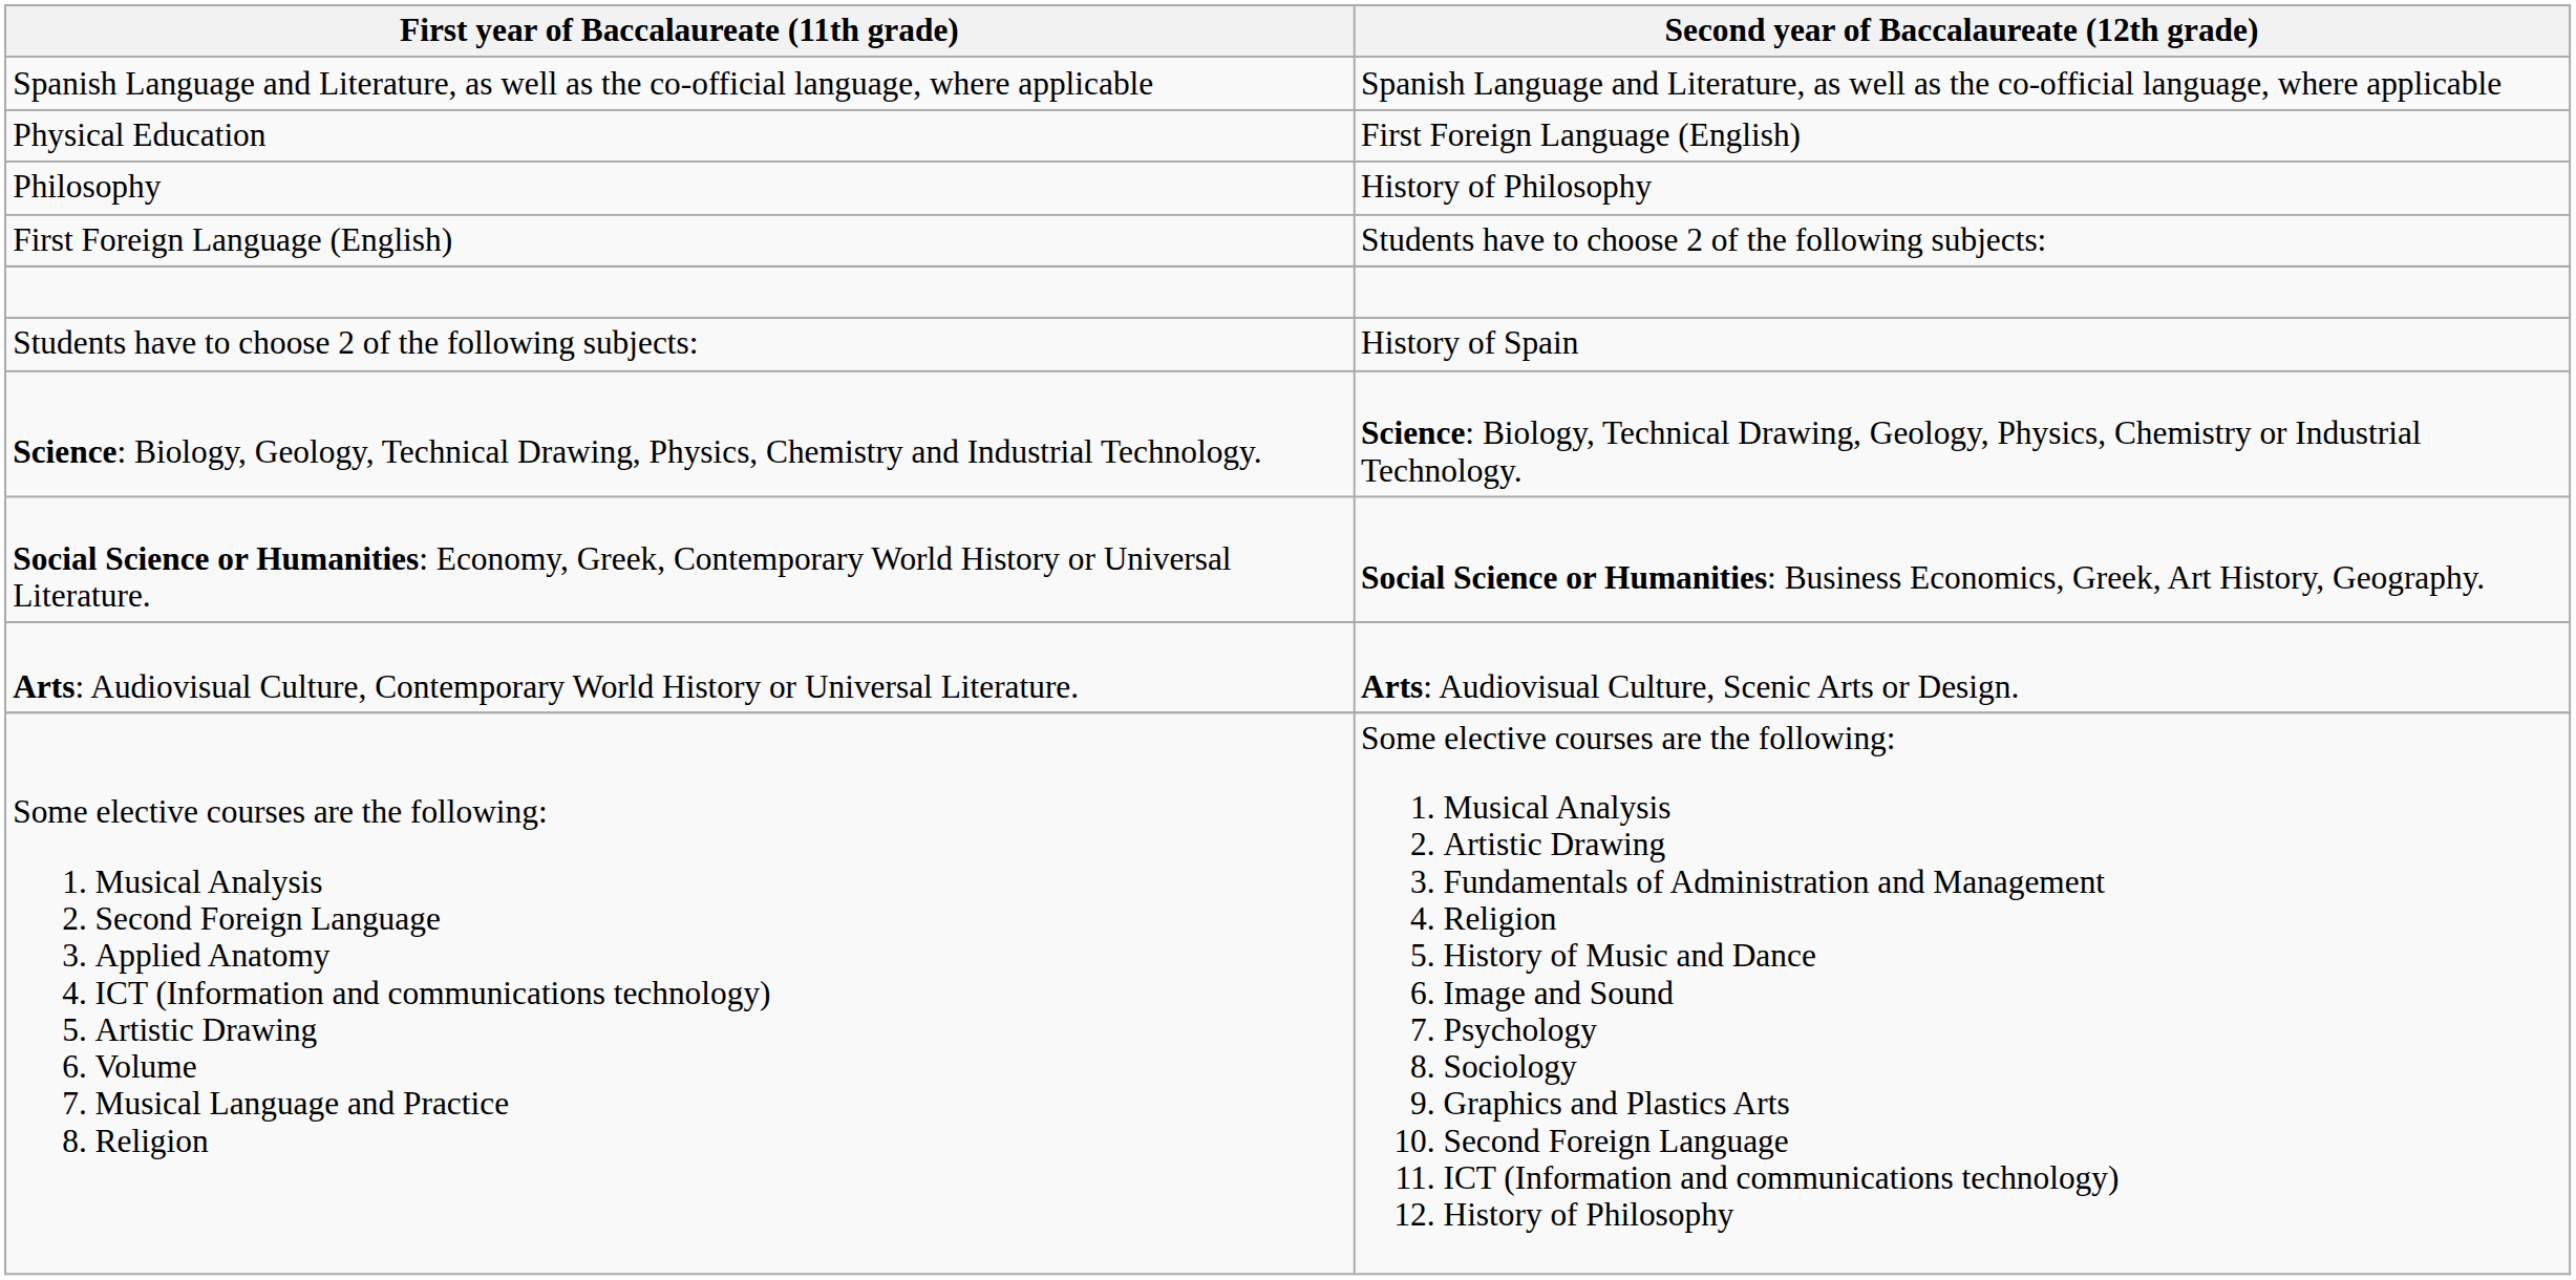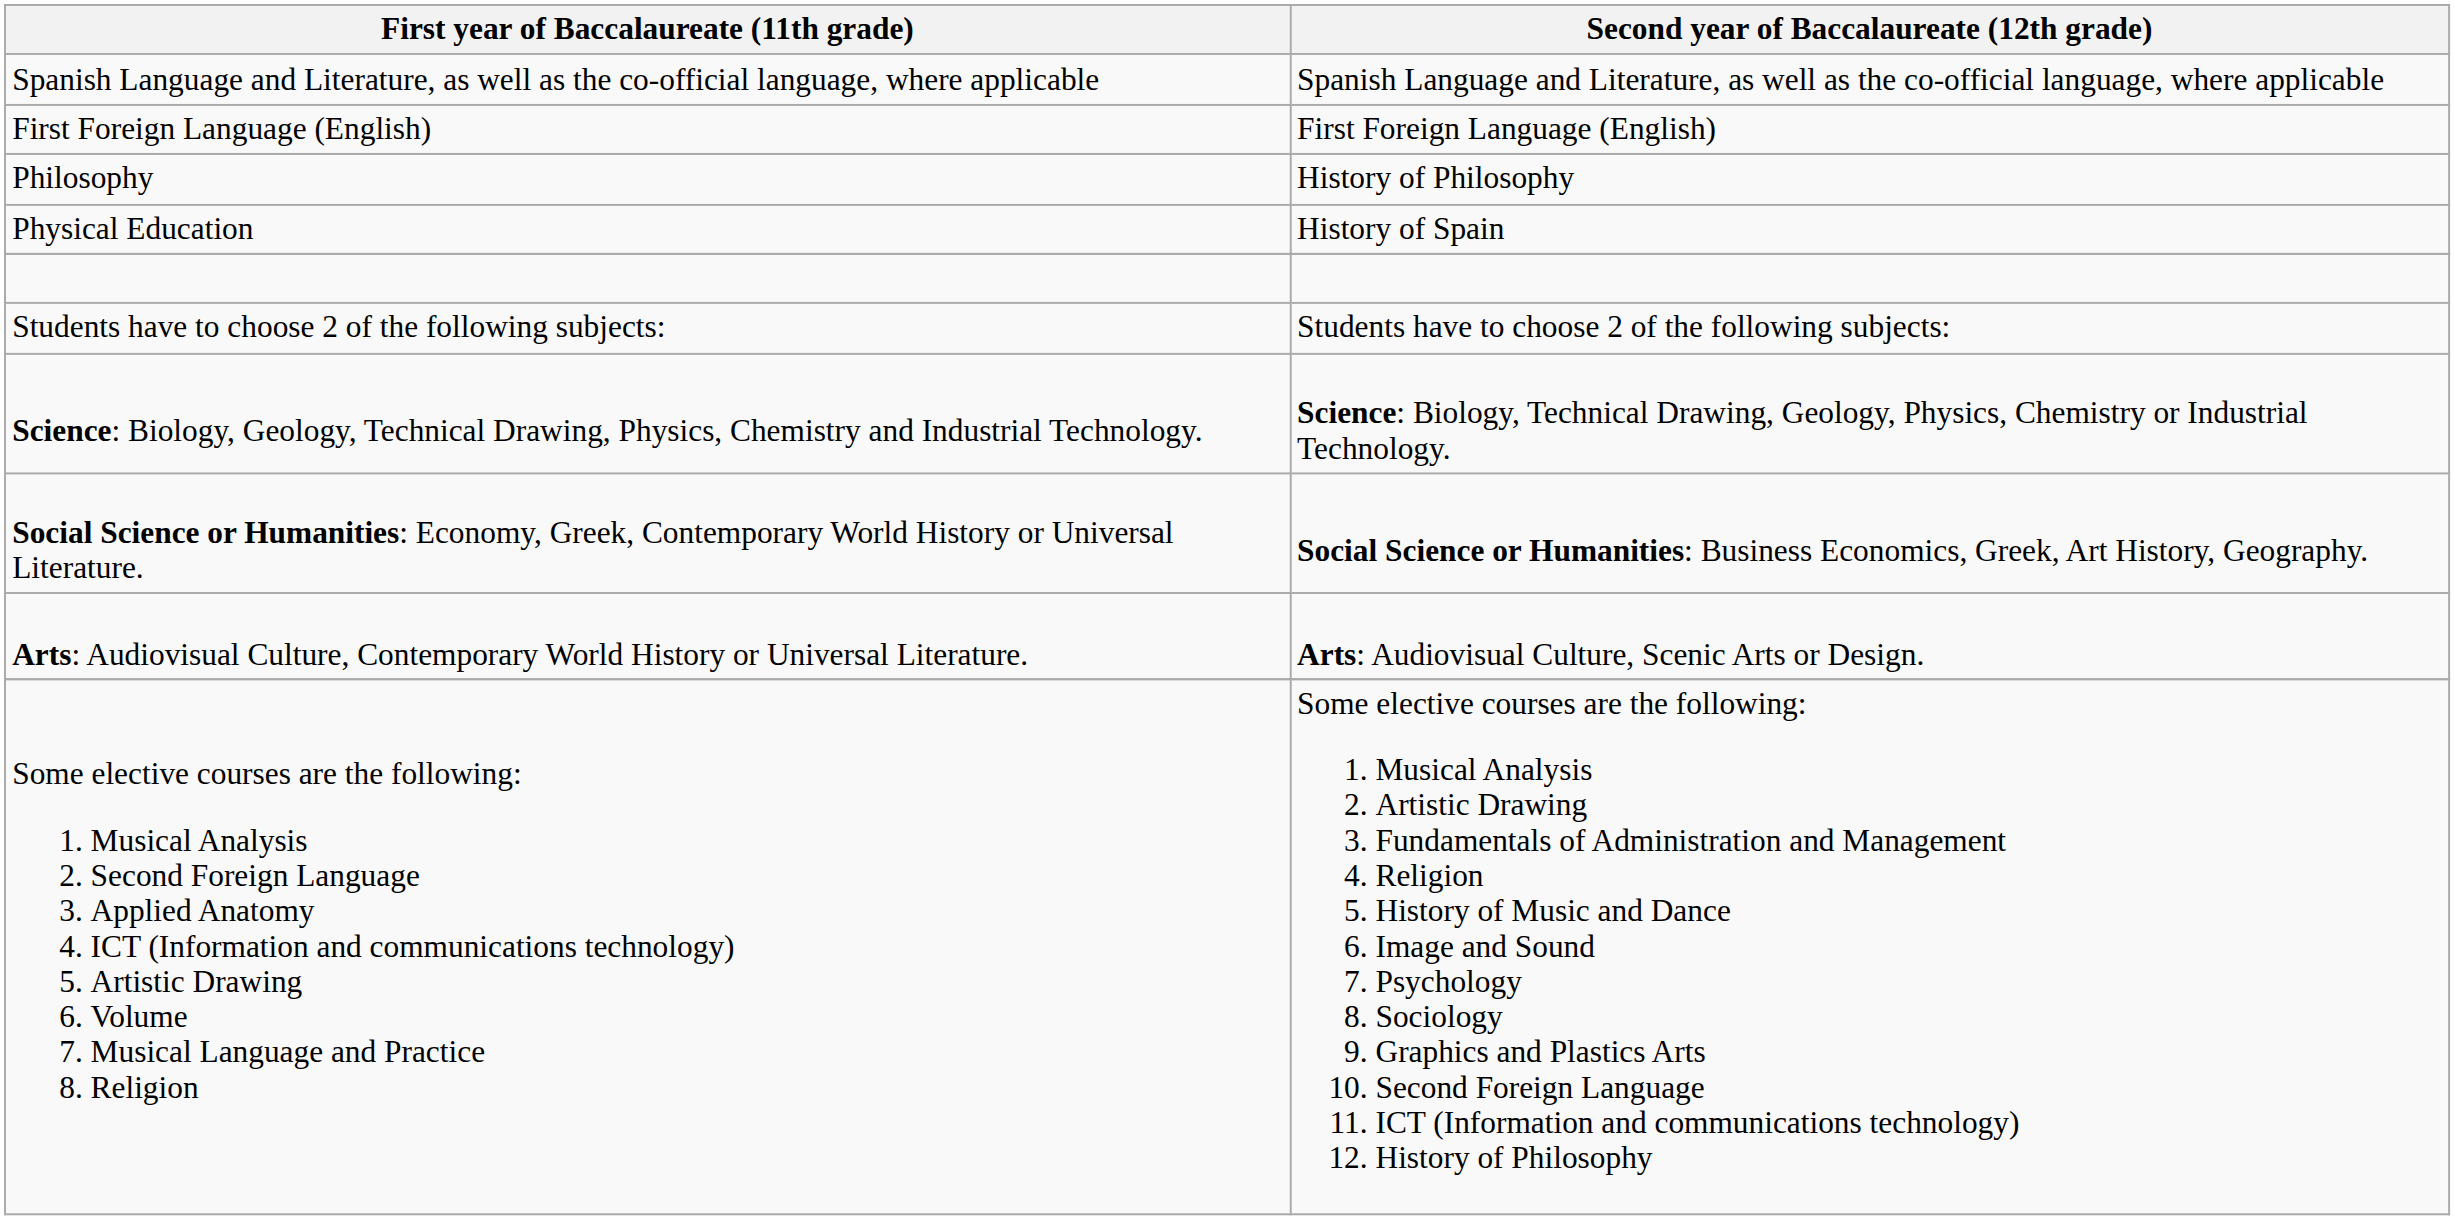 <table class="wikitable">
 <tr>
 <th>First year of Baccalaureate (11th grade)</th>
 <th>Second year of Baccalaureate (12th grade)</th>
 </tr>
 <tr>
 <td>Spanish Language and Literature, as well as the co-official language, where applicable</td>
 <td>Spanish Language and Literature, as well as the co-official language, where applicable</td>
 </tr>
 <tr>
-<td>Physical Education</td>
+<td>First Foreign Language (English)</td>
 <td>First Foreign Language (English)</td>
 </tr>
 <tr>
 <td>Philosophy</td>
 <td>History of Philosophy</td>
 </tr>
 <tr>
-<td>First Foreign Language (English)</td>
-<td>Students have to choose 2 of the following subjects:</td>
+<td>Physical Education</td>
+<td>History of Spain</td>
 </tr>
 <tr>
 </tr>
 <tr>
 <td><br></td>
 <td><br></td>
 </tr>
 <tr>
 <td>Students have to choose 2 of the following subjects:</td>
-<td>History of Spain</td>
+<td>Students have to choose 2 of the following subjects:</td>
 </tr>
 <tr>
 <td><br><strong>Science</strong>: Biology, Geology, Technical Drawing, Physics, Chemistry and Industrial Technology.</td>
 <td><br><strong>Science</strong>: Biology, Technical Drawing, Geology, Physics, Chemistry or Industrial Technology.</td>
 </tr>
 <tr>
 <td><br> <strong>Social Science or Humanities</strong>: Economy, Greek, Contemporary World History or Universal Literature.</td>
 <td><br><strong>Social Science or Humanities</strong>: Business Economics, Greek, Art History, Geography.</td>
 </tr>
 <tr>
 <td><br><strong>Arts</strong>: Audiovisual Culture, Contemporary World History or Universal Literature.</td>
 <td><br><strong>Arts</strong>: Audiovisual Culture, Scenic Arts or Design.</td>
 </tr>
 <tr>
 </tr>
 <tr>
 <td>Some elective courses are the following:<br><ol><li>Musical Analysis</li><li>Second Foreign Language</li><li>Applied Anatomy</li><li>ICT (Information and communications technology)</li><li>Artistic Drawing</li><li>Volume</li><li>Musical Language and Practice</li><li>Religion</li></ol></td>
 <td>Some elective courses are the following:<br><ol><li>Musical Analysis</li><li>Artistic Drawing</li><li>Fundamentals of Administration and Management</li><li>Religion</li><li>History of Music and Dance</li><li>Image and Sound</li><li>Psychology</li><li>Sociology</li><li>Graphics and Plastics Arts</li><li>Second Foreign Language</li><li>ICT (Information and communications technology)</li><li>History of Philosophy</li></ol></td>
 </tr>
 </table>
